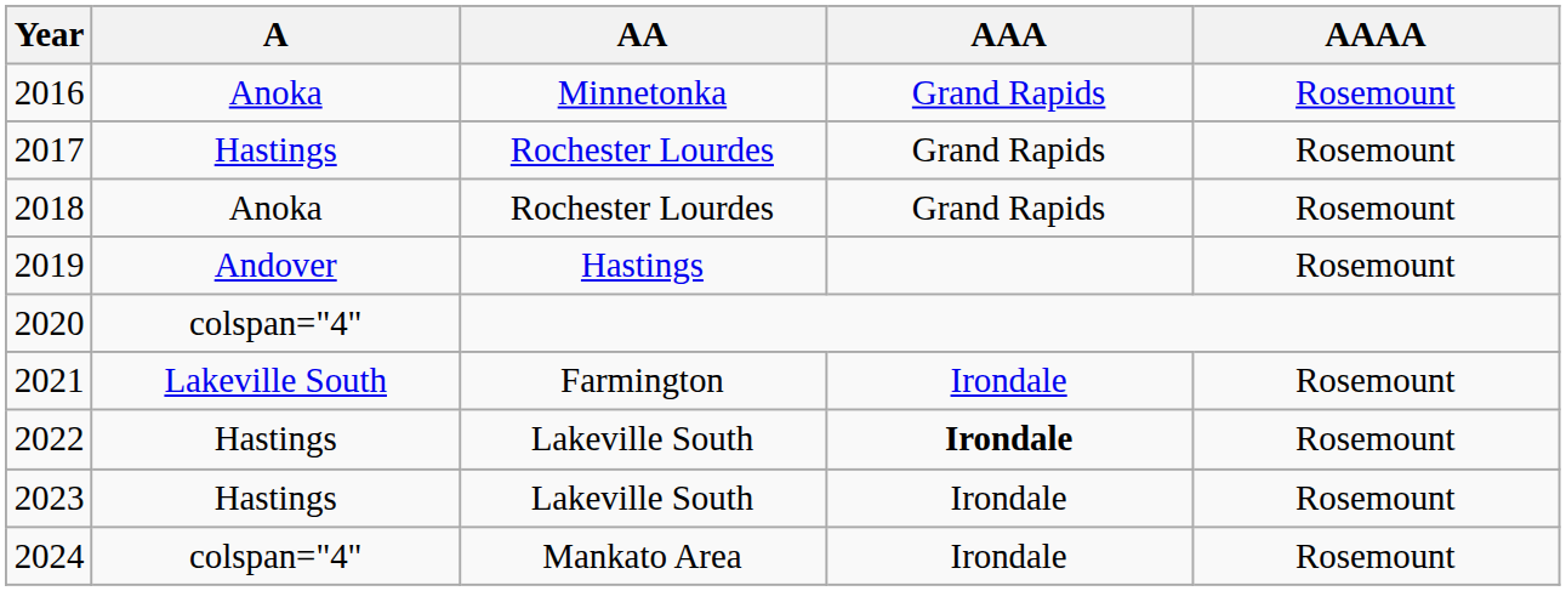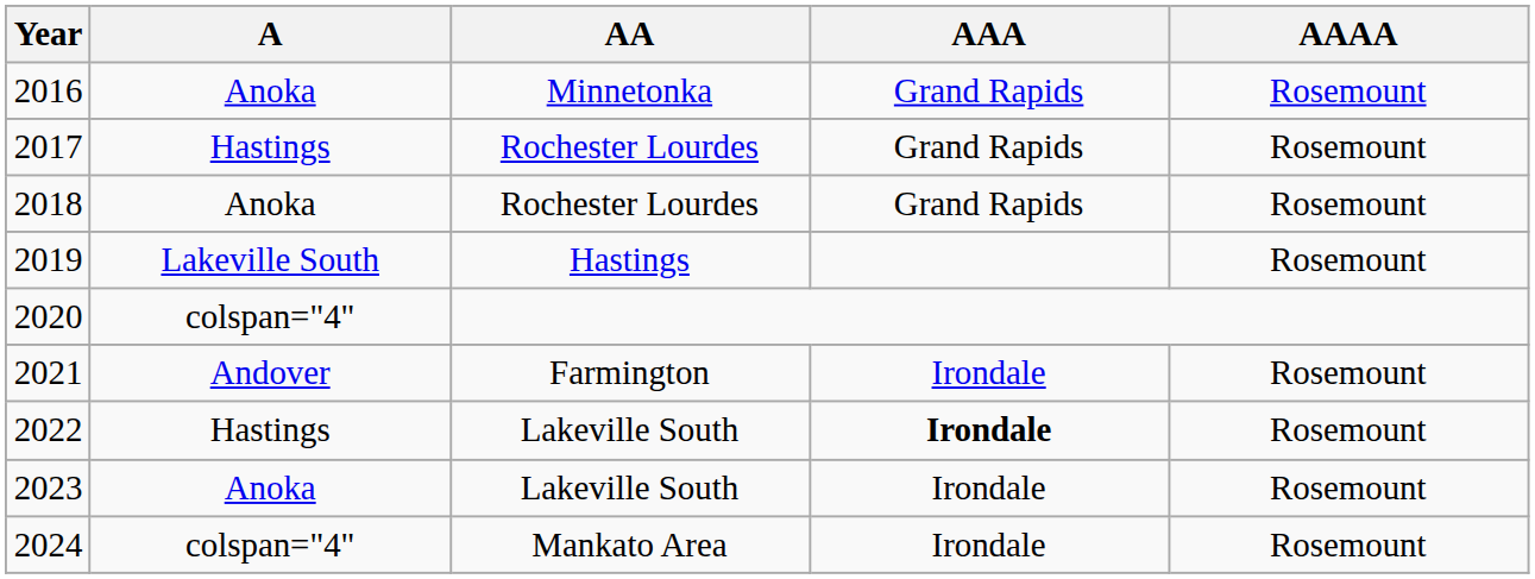 <table class="wikitable" style="font-size: 95%; text-align: center;">
 <tr>
 <th>Year</th>
 <th style="min-width: 10em;">A</th>
 <th style="min-width: 10em;">AA</th>
 <th style="min-width: 10em;">AAA</th>
 <th style="min-width: 10em;">AAAA</th>
 </tr>
 <tr>
 <td>2016</td>
 <td><a href='#'>Anoka</a></td>
 <td><a href='#'>Minnetonka</a></td>
 <td><a href='#'>Grand Rapids</a></td>
 <td><a href='#'>Rosemount</a></td>
 </tr>
 <tr>
 <td>2017</td>
 <td><a href='#'>Hastings</a></td>
 <td><a href='#'>Rochester Lourdes</a></td>
 <td>Grand Rapids</td>
 <td>Rosemount</td>
 </tr>
 <tr>
 <td>2018</td>
 <td>Anoka</td>
 <td>Rochester Lourdes</td>
 <td>Grand Rapids</td>
 <td>Rosemount</td>
 </tr>
 <tr>
 <td>2019</td>
-<td><a href='#'>Andover</a></td>
+<td><a href='#'>Lakeville South</a></td>
 <td><a href='#'>Hastings</a></td>
 <td></td>
 <td>Rosemount</td>
 </tr>
 <tr>
 <td>2020</td>
 <td>colspan="4" </td>
 </tr>
 <tr>
 <td>2021</td>
-<td><a href='#'>Lakeville South</a></td>
+<td><a href='#'>Andover</a></td>
 <td>Farmington</td>
 <td><a href='#'>Irondale</a></td>
 <td>Rosemount</td>
 </tr>
 <tr>
 <td>2022</td>
 <td>Hastings</td>
 <td>Lakeville South</td>
 <td><strong>Irondale</strong></td>
 <td>Rosemount</td>
 </tr>
 <tr>
 <td>2023</td>
-<td>Hastings</td>
+<td><a href='#'>Anoka</a></td>
 <td>Lakeville South</td>
 <td>Irondale</td>
 <td>Rosemount</td>
 </tr>
 <tr>
 <td>2024</td>
 <td>colspan="4" </td>
 <td>Mankato Area</td>
 <td>Irondale</td>
 <td>Rosemount</td>
 </tr>
 </table>
